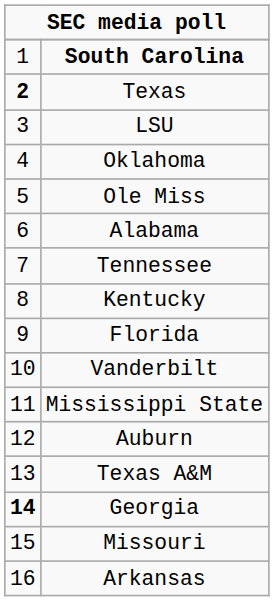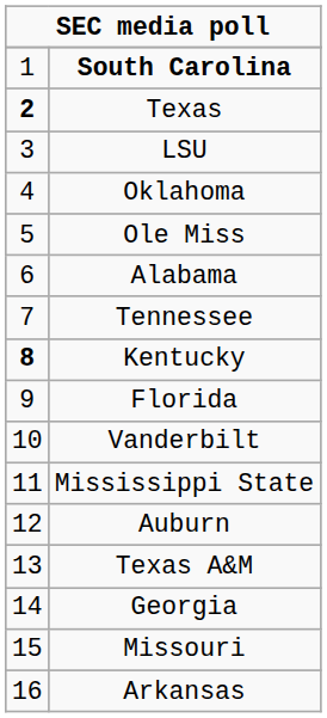 <table class="wikitable" style="display: inline-table;">
 <tr>
 <td align="center" Colspan="3"><strong>SEC media poll</strong></td>
 </tr>
 <tr align="center">
 </tr>
 <tr align="center">
 <td>1</td>
 <td><strong>South Carolina</strong></td>
 </tr>
 <tr align="center">
 <td><strong>2</strong></td>
 <td>Texas</td>
 </tr>
 <tr align="center">
 <td>3</td>
 <td>LSU</td>
 </tr>
 <tr align="center">
 <td>4</td>
 <td>Oklahoma</td>
 </tr>
 <tr align="center">
 <td>5</td>
 <td>Ole Miss</td>
 </tr>
 <tr align="center">
 <td>6</td>
 <td>Alabama</td>
 </tr>
 <tr align="center">
 <td>7</td>
 <td>Tennessee</td>
 </tr>
 <tr align="center">
-<td>8</td>
+<td><strong>8</strong></td>
 <td>Kentucky</td>
 </tr>
 <tr align="center">
 <td>9</td>
 <td>Florida</td>
 </tr>
 <tr align="center">
 <td>10</td>
 <td>Vanderbilt</td>
 </tr>
 <tr align="center">
 <td>11</td>
 <td>Mississippi State</td>
 </tr>
 <tr align="center">
 <td>12</td>
 <td>Auburn</td>
 </tr>
 <tr align="center">
 <td>13</td>
 <td>Texas A&M</td>
 </tr>
 <tr align="center">
-<td><strong>14</strong></td>
+<td>14</td>
 <td>Georgia</td>
 </tr>
 <tr align="center">
 <td>15</td>
 <td>Missouri</td>
 </tr>
 <tr align="center">
 <td>16</td>
 <td>Arkansas</td>
 </tr>
 </table>
